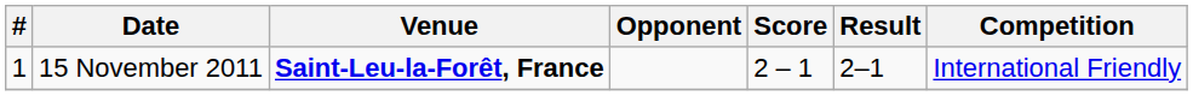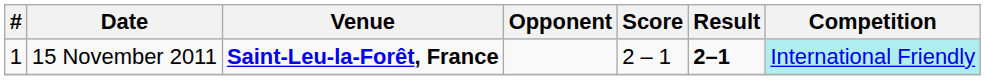 <table class="wikitable">
 <tr>
 <th>#</th>
 <th>Date</th>
 <th>Venue</th>
 <th>Opponent</th>
 <th>Score</th>
 <th>Result</th>
 <th>Competition</th>
 </tr>
 <tr>
 <td>1</td>
 <td>15 November 2011</td>
 <td><strong><a href='#'>Saint-Leu-la-Forêt</a>, France</strong></td>
 <td></td>
 <td>2 – 1</td>
-<td>2–1</td>
-<td><a href='#'>International Friendly</a></td>
+<td><strong>2–1</strong></td>
+<td style="background: paleturquoise;"><a href='#'>International Friendly</a></td>
 </tr>
 <tr>
 </tr>
 </table>
